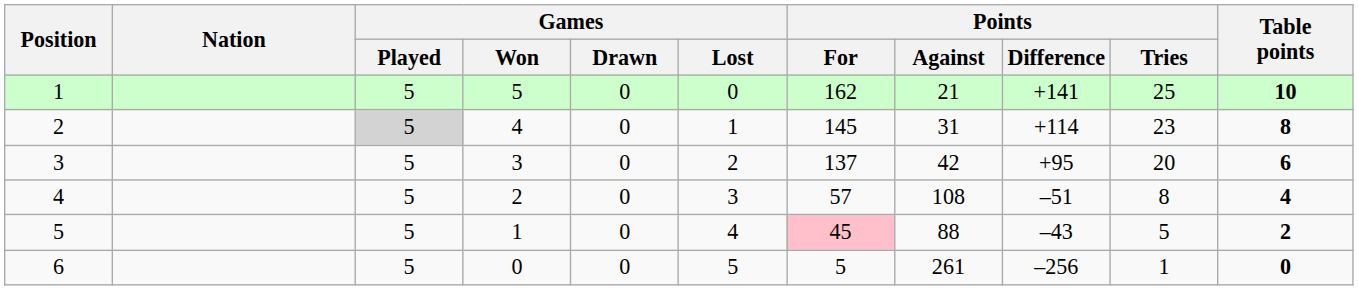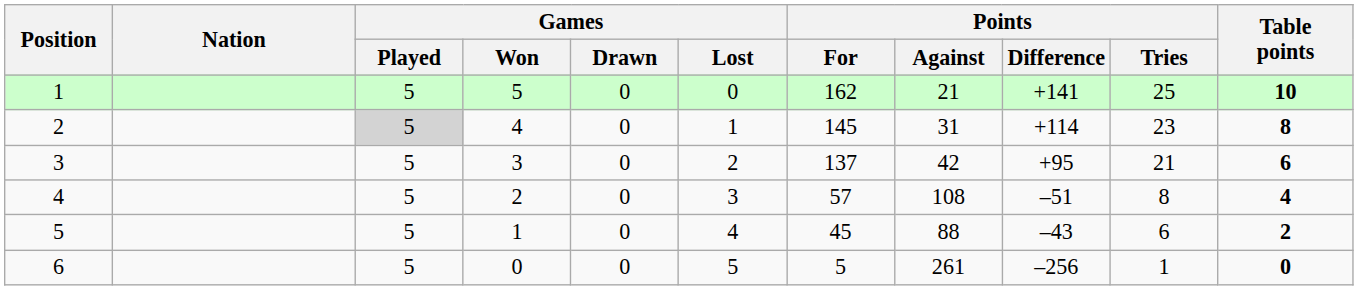 <table class="wikitable" style="text-align: center;">
 <tr>
 <th rowspan=2 width="8%">Position</th>
 <th rowspan=2 width="18%">Nation</th>
 <th colspan=4 width="32%">Games</th>
 <th colspan=4 width="32%">Points</th>
 <th rowspan=2 width="10%">Table<br>points</th>
 </tr>
 <tr>
 <th width="8%">Played</th>
 <th width="8%">Won</th>
 <th width="8%">Drawn</th>
 <th width="8%">Lost</th>
 <th width="8%">For</th>
 <th width="8%">Against</th>
 <th width="8%">Difference</th>
 <th width="8%">Tries</th>
 </tr>
 <tr bgcolor=#ccffcc align=center>
 <td>1</td>
 <td align=left></td>
 <td>5</td>
 <td>5</td>
 <td>0</td>
 <td>0</td>
 <td>162</td>
 <td>21</td>
 <td>+141</td>
 <td>25</td>
 <td><strong>10</strong></td>
 </tr>
 <tr>
 <td>2</td>
 <td align=left></td>
 <td style="background: lightgrey;">5</td>
 <td>4</td>
 <td>0</td>
 <td>1</td>
 <td>145</td>
 <td>31</td>
 <td>+114</td>
 <td>23</td>
 <td><strong>8</strong></td>
 </tr>
 <tr>
 <td>3</td>
 <td align=left></td>
 <td>5</td>
 <td>3</td>
 <td>0</td>
 <td>2</td>
 <td>137</td>
 <td>42</td>
 <td>+95</td>
-<td>20</td>
+<td>21</td>
 <td><strong>6</strong></td>
 </tr>
 <tr>
 <td>4</td>
 <td align=left></td>
 <td>5</td>
 <td>2</td>
 <td>0</td>
 <td>3</td>
 <td>57</td>
 <td>108</td>
 <td>–51</td>
 <td>8</td>
 <td><strong>4</strong></td>
 </tr>
 <tr>
 <td>5</td>
 <td align=left></td>
 <td>5</td>
 <td>1</td>
 <td>0</td>
 <td>4</td>
-<td style="background: pink;">45</td>
+<td>45</td>
 <td>88</td>
 <td>–43</td>
-<td>5</td>
+<td>6</td>
 <td><strong>2</strong></td>
 </tr>
 <tr>
 <td>6</td>
 <td align=left></td>
 <td>5</td>
 <td>0</td>
 <td>0</td>
 <td>5</td>
 <td>5</td>
 <td>261</td>
 <td>–256</td>
 <td>1</td>
 <td><strong>0</strong></td>
 </tr>
 </table>
